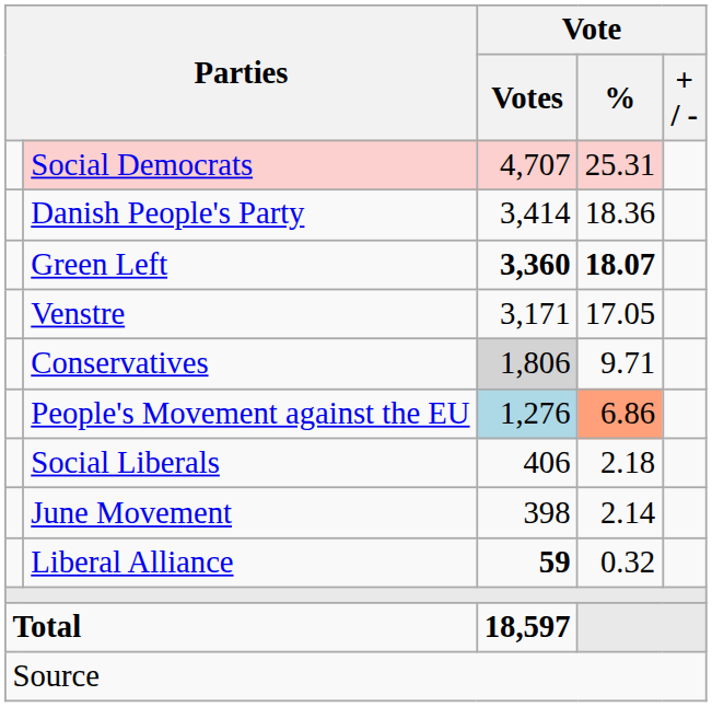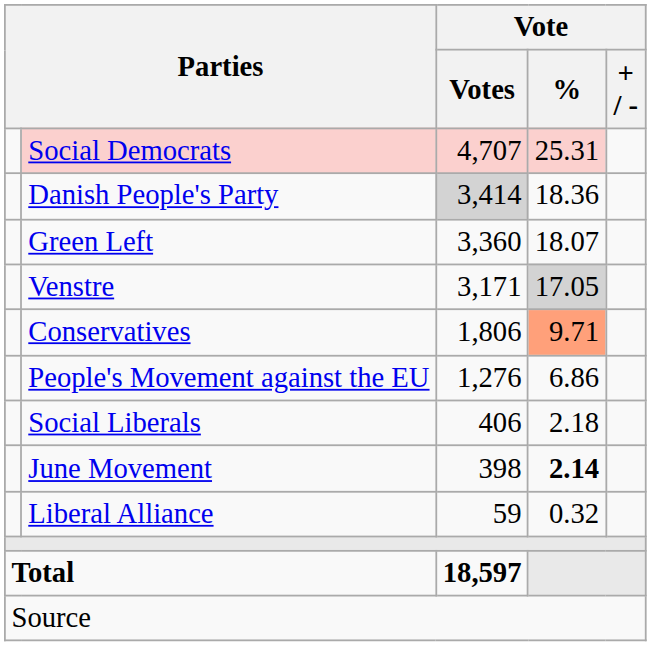 <table class="wikitable" style="text-align:right;">
 <tr>
 <th style="text-align:centre;" rowspan="2" colspan="2" width="225">Parties</th>
 <th colspan="3">Vote</th>
 </tr>
 <tr>
 <th width="15">Votes</th>
 <th width="15">%</th>
 <th width="15">+ / -</th>
 </tr>
 <tr>
 <td width="2" style="color:inherit;background:"></td>
 <td bgcolor=#fbd0ce   align="left"><a href='#'>Social Democrats</a></td>
 <td bgcolor=#fbd0ce>4,707</td>
 <td bgcolor=#fbd0ce>25.31</td>
 <td></td>
 </tr>
 <tr>
 <td width="2" style="color:inherit;background:"></td>
 <td align="left"><a href='#'>Danish People's Party</a></td>
-<td>3,414</td>
+<td style="background: lightgrey;">3,414</td>
 <td>18.36</td>
 <td></td>
 </tr>
 <tr>
 <td width="2" style="color:inherit;background:"></td>
 <td align="left"><a href='#'>Green Left</a></td>
-<td><strong>3,360</strong></td>
-<td><strong>18.07</strong></td>
+<td>3,360</td>
+<td>18.07</td>
 <td></td>
 </tr>
 <tr>
 <td width="2" style="color:inherit;background:"></td>
 <td align="left"><a href='#'>Venstre</a></td>
 <td>3,171</td>
-<td>17.05</td>
+<td style="background: lightgrey;">17.05</td>
 <td></td>
 </tr>
 <tr>
 <td width="2" style="color:inherit;background:"></td>
 <td align="left"><a href='#'>Conservatives</a></td>
-<td style="background: lightgrey;">1,806</td>
-<td>9.71</td>
+<td>1,806</td>
+<td style="background: lightsalmon;">9.71</td>
 <td></td>
 </tr>
 <tr>
 <td width="2" style="color:inherit;background:"></td>
 <td align="left"><a href='#'>People's Movement against the EU</a></td>
-<td style="background: lightblue;">1,276</td>
-<td style="background: lightsalmon;">6.86</td>
+<td>1,276</td>
+<td>6.86</td>
 <td></td>
 </tr>
 <tr>
 <td width="2" style="color:inherit;background:"></td>
 <td align="left"><a href='#'>Social Liberals</a></td>
 <td>406</td>
 <td>2.18</td>
 <td></td>
 </tr>
 <tr>
 <td width="2" style="color:inherit;background:"></td>
 <td align="left"><a href='#'>June Movement</a></td>
 <td>398</td>
-<td>2.14</td>
+<td><strong>2.14</strong></td>
 <td></td>
 </tr>
 <tr>
 <td width="2" style="color:inherit;background:"></td>
 <td align="left"><a href='#'>Liberal Alliance</a></td>
-<td><strong>59</strong></td>
+<td>59</td>
 <td>0.32</td>
 <td></td>
 </tr>
 <tr>
 <td colspan="7" bgcolor="#E9E9E9"></td>
 </tr>
 <tr>
 <td align="left" colspan="2"><strong>Total</strong></td>
 <td><strong>18,597</strong></td>
 <td bgcolor="#E9E9E9" colspan="2"></td>
 </tr>
 <tr>
 <td align="left" colspan="6">Source</td>
 </tr>
 </table>
